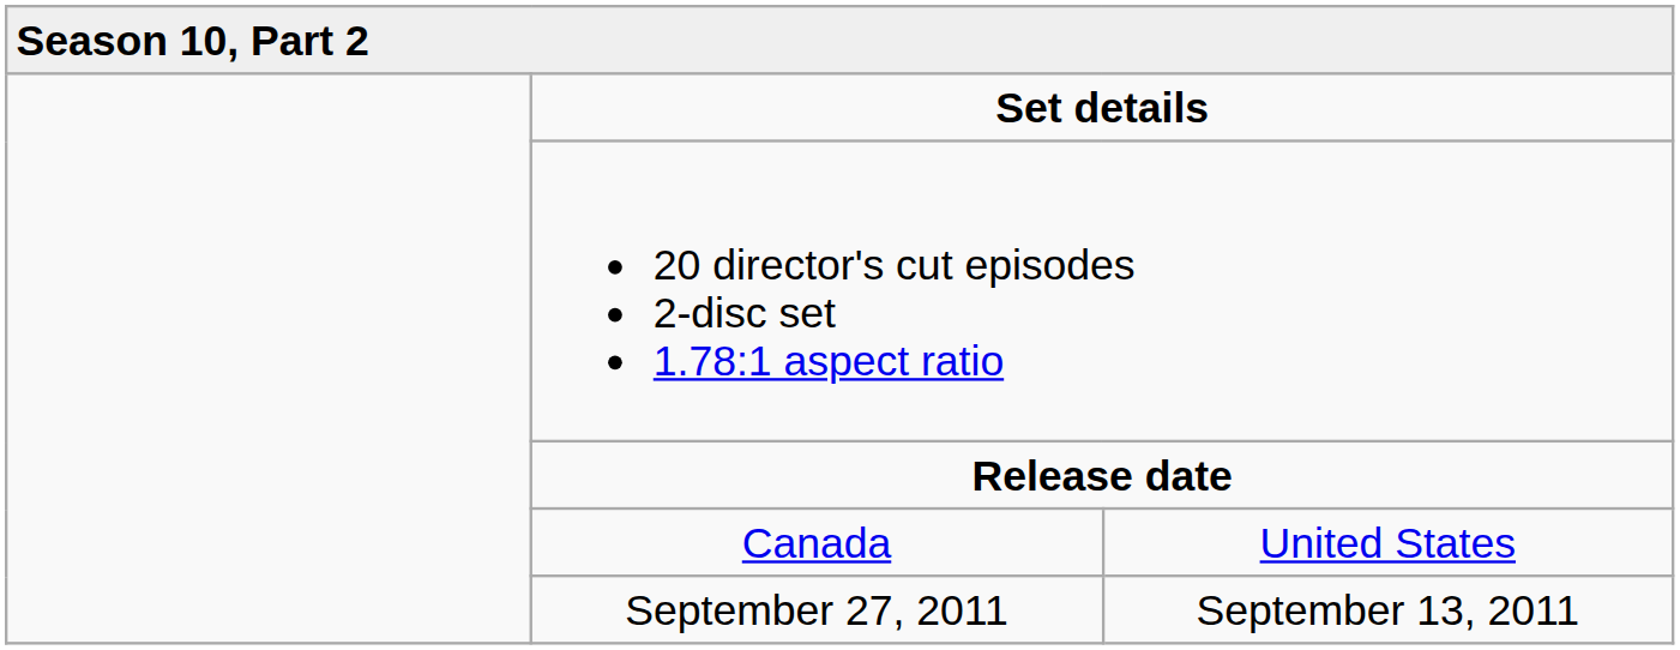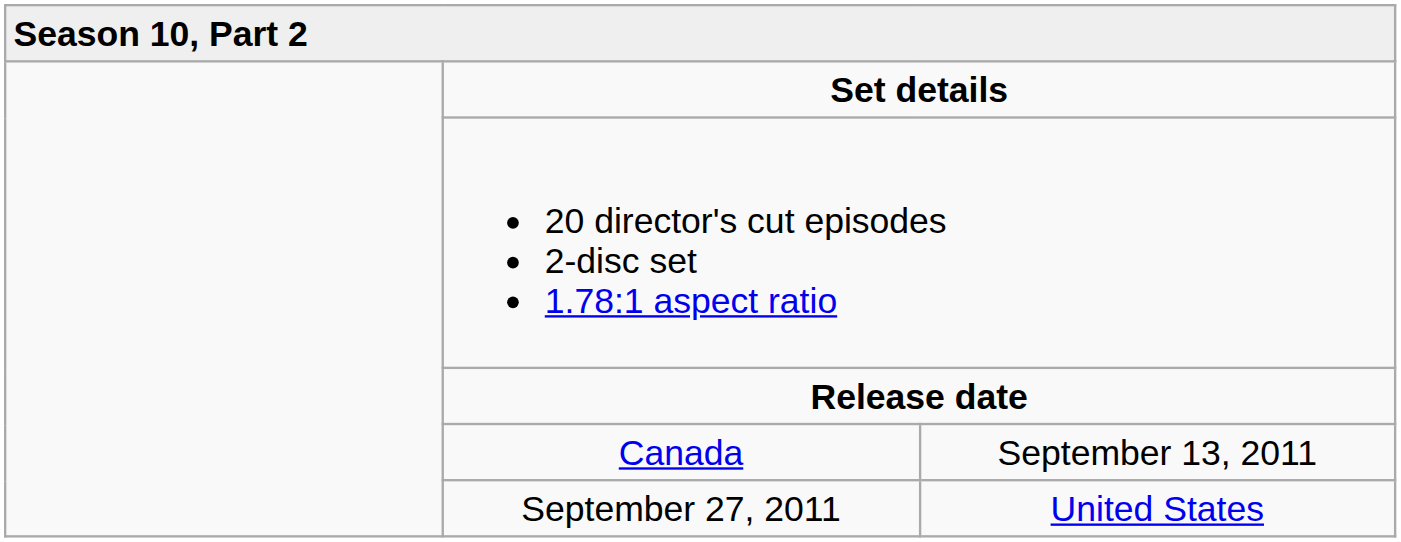 <table class="wikitable" style="font-size: 95%;">
 <tr style="background:#EFEFEF">
 <td colspan="5"><strong>Season 10, Part 2</strong></td>
 </tr>
 <tr valign="top">
 <td rowspan="5" valign="center" align="center" width="180"></td>
 <td align="center" width="400" colspan="3"><strong>Set details</strong> </td>
 </tr>
 <tr valign="top">
 <td colspan="3" align="left" width="400" height="100"><br><ul><li>20 director's cut episodes</li><li>2-disc set</li><li><a href='#'>1.78:1 aspect ratio</a></li></ul></td>
 </tr>
 <tr>
 <td colspan="3" align="center"><strong>Release date</strong></td>
 </tr>
 <tr>
 <td align="center"> <a href='#'>Canada</a></td>
-<td align="center"> <a href='#'>United States</a></td>
+<td align="center">September 13, 2011</td>
 </tr>
 <tr>
 <td align="center">September 27, 2011</td>
-<td align="center">September 13, 2011</td>
+<td align="center"> <a href='#'>United States</a></td>
 </tr>
 </table>
